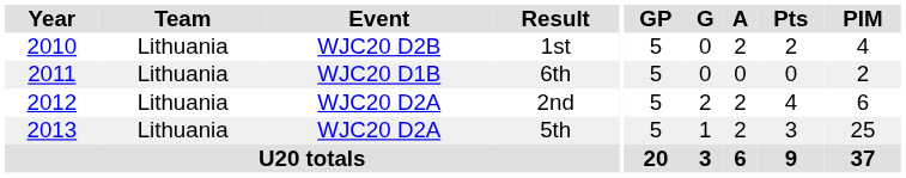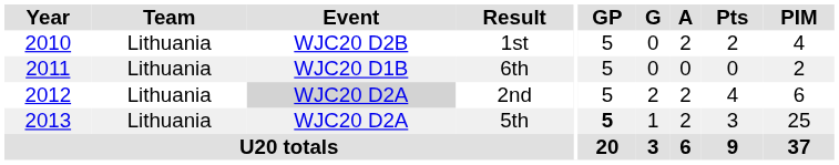 <table border="0" cellpadding="1" cellspacing="0" ID="Table3" style="text-align:center; width:40em">
 <tr ALIGN="center" bgcolor="#e0e0e0">
 <th>Year</th>
 <th>Team</th>
 <th>Event</th>
 <th>Result</th>
 <th rowspan="99" bgcolor="#ffffff"></th>
 <th>GP</th>
 <th>G</th>
 <th>A</th>
 <th>Pts</th>
 <th>PIM</th>
 </tr>
 <tr>
 <td><a href='#'>2010</a></td>
 <td>Lithuania</td>
 <td><a href='#'>WJC20 D2B</a></td>
 <td>1st</td>
 <td>5</td>
 <td>0</td>
 <td>2</td>
 <td>2</td>
 <td>4</td>
 </tr>
 <tr ALIGN="center" bgcolor="#f0f0f0">
 <td><a href='#'>2011</a></td>
 <td>Lithuania</td>
 <td><a href='#'>WJC20 D1B</a></td>
 <td>6th</td>
 <td>5</td>
 <td>0</td>
 <td>0</td>
 <td>0</td>
 <td>2</td>
 </tr>
 <tr>
 <td><a href='#'>2012</a></td>
 <td>Lithuania</td>
-<td><a href='#'>WJC20 D2A</a></td>
+<td style="background: lightgrey;"><a href='#'>WJC20 D2A</a></td>
 <td>2nd</td>
 <td>5</td>
 <td>2</td>
 <td>2</td>
 <td>4</td>
 <td>6</td>
 </tr>
 <tr ALIGN="center" bgcolor="#f0f0f0">
 <td><a href='#'>2013</a></td>
 <td>Lithuania</td>
 <td><a href='#'>WJC20 D2A</a></td>
 <td>5th</td>
-<td>5</td>
+<td><strong>5</strong></td>
 <td>1</td>
 <td>2</td>
 <td>3</td>
 <td>25</td>
 </tr>
 <tr ALIGN="center" bgcolor="#e0e0e0">
 <th colspan=4>U20 totals</th>
 <th>20</th>
 <th>3</th>
 <th>6</th>
 <th>9</th>
 <th>37</th>
 </tr>
 </table>
